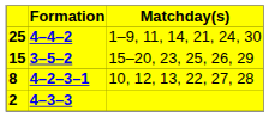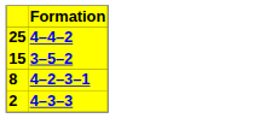 <table class="toccolours" border="0" cellpadding="2" cellspacing="0" align="center" style="margin: 0.5em 0 1em 1em; background: #000000; border: 1px #aaaaaa solid;">
 <tr bgcolor=#FFFF00>
 <th></th>
 <th>Formation</th>
-<th>Matchday(s)</th>
 </tr>
 <tr bgcolor=#FFFF00>
 <td><strong>25</strong></td>
 <td><a href='#'><span><strong>4–4–2</strong></span></a></td>
-<td>1–9, 11, 14, 21, 24, 30</td>
 </tr>
 <tr bgcolor=#FFFF00>
 <td><strong>15</strong></td>
 <td><a href='#'><span><strong>3–5–2</strong></span></a></td>
-<td>15–20, 23, 25, 26, 29</td>
 </tr>
 <tr bgcolor=#FFFF00>
 <td><strong>8</strong></td>
 <td><a href='#'><span><strong>4–2–3–1</strong></span></a></td>
-<td>10, 12, 13, 22, 27, 28</td>
 </tr>
 <tr bgcolor=#FFFF00>
 <td><strong>2</strong></td>
 <td><a href='#'><span><strong>4–3–3</strong></span></a></td>
-<td></td>
 </tr>
 </table>
